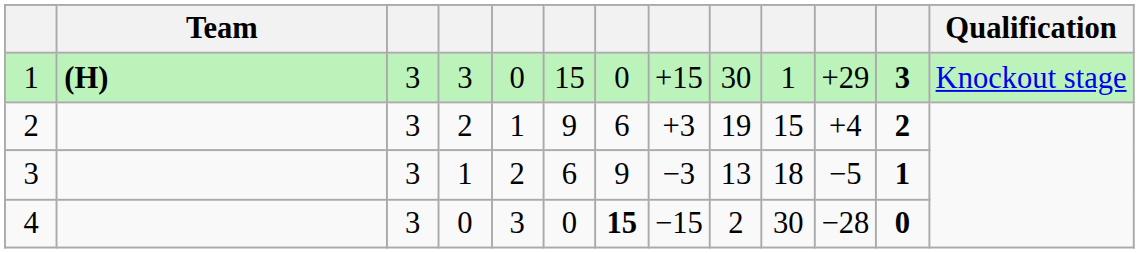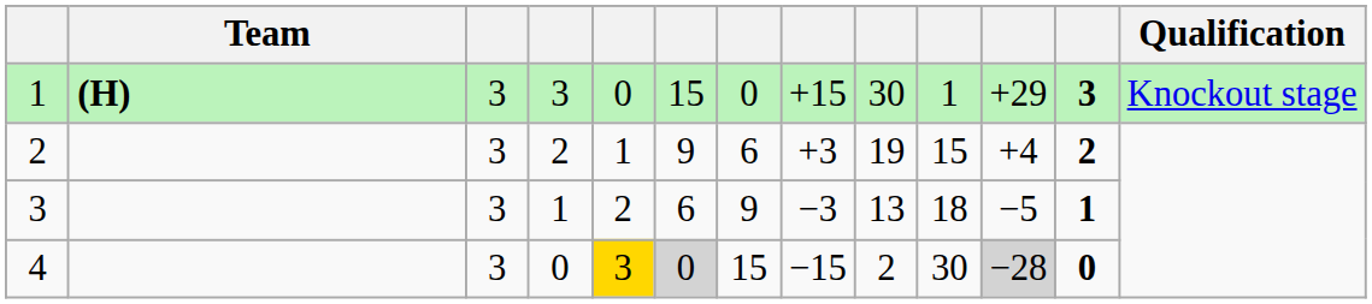 <table class="wikitable" style="text-align:center;">
 <tr>
 <th width="20"></th>
 <th width="165">Team</th>
 <th width="20"></th>
 <th width="20"></th>
 <th width="20"></th>
 <th width="20"></th>
 <th width="20"></th>
 <th width="20"></th>
 <th width="20"></th>
 <th width="20"></th>
 <th width="20"></th>
 <th width="20"></th>
 <th width="100">Qualification</th>
 </tr>
 <tr bgcolor="bbf3bb">
 <td>1</td>
 <td align="left"> <strong>(H)</strong></td>
 <td>3</td>
 <td>3</td>
 <td>0</td>
 <td>15</td>
 <td>0</td>
 <td>+15</td>
 <td>30</td>
 <td>1</td>
 <td>+29</td>
 <td><strong>3</strong></td>
 <td><a href='#'>Knockout stage</a></td>
 </tr>
 <tr>
 <td>2</td>
 <td align="left"></td>
 <td>3</td>
 <td>2</td>
 <td>1</td>
 <td>9</td>
 <td>6</td>
 <td>+3</td>
 <td>19</td>
 <td>15</td>
 <td>+4</td>
 <td><strong>2</strong></td>
 <td rowspan="3"></td>
 </tr>
 <tr>
 <td>3</td>
 <td align="left"></td>
 <td>3</td>
 <td>1</td>
 <td>2</td>
 <td>6</td>
 <td>9</td>
 <td>−3</td>
 <td>13</td>
 <td>18</td>
 <td>−5</td>
 <td><strong>1</strong></td>
 </tr>
 <tr>
 <td>4</td>
 <td align="left"></td>
 <td>3</td>
 <td>0</td>
-<td>3</td>
-<td>0</td>
-<td><strong>15</strong></td>
+<td style="background: gold;">3</td>
+<td style="background: lightgrey;">0</td>
+<td>15</td>
 <td>−15</td>
 <td>2</td>
 <td>30</td>
-<td>−28</td>
+<td style="background: lightgrey;">−28</td>
 <td><strong>0</strong></td>
 </tr>
 </table>
